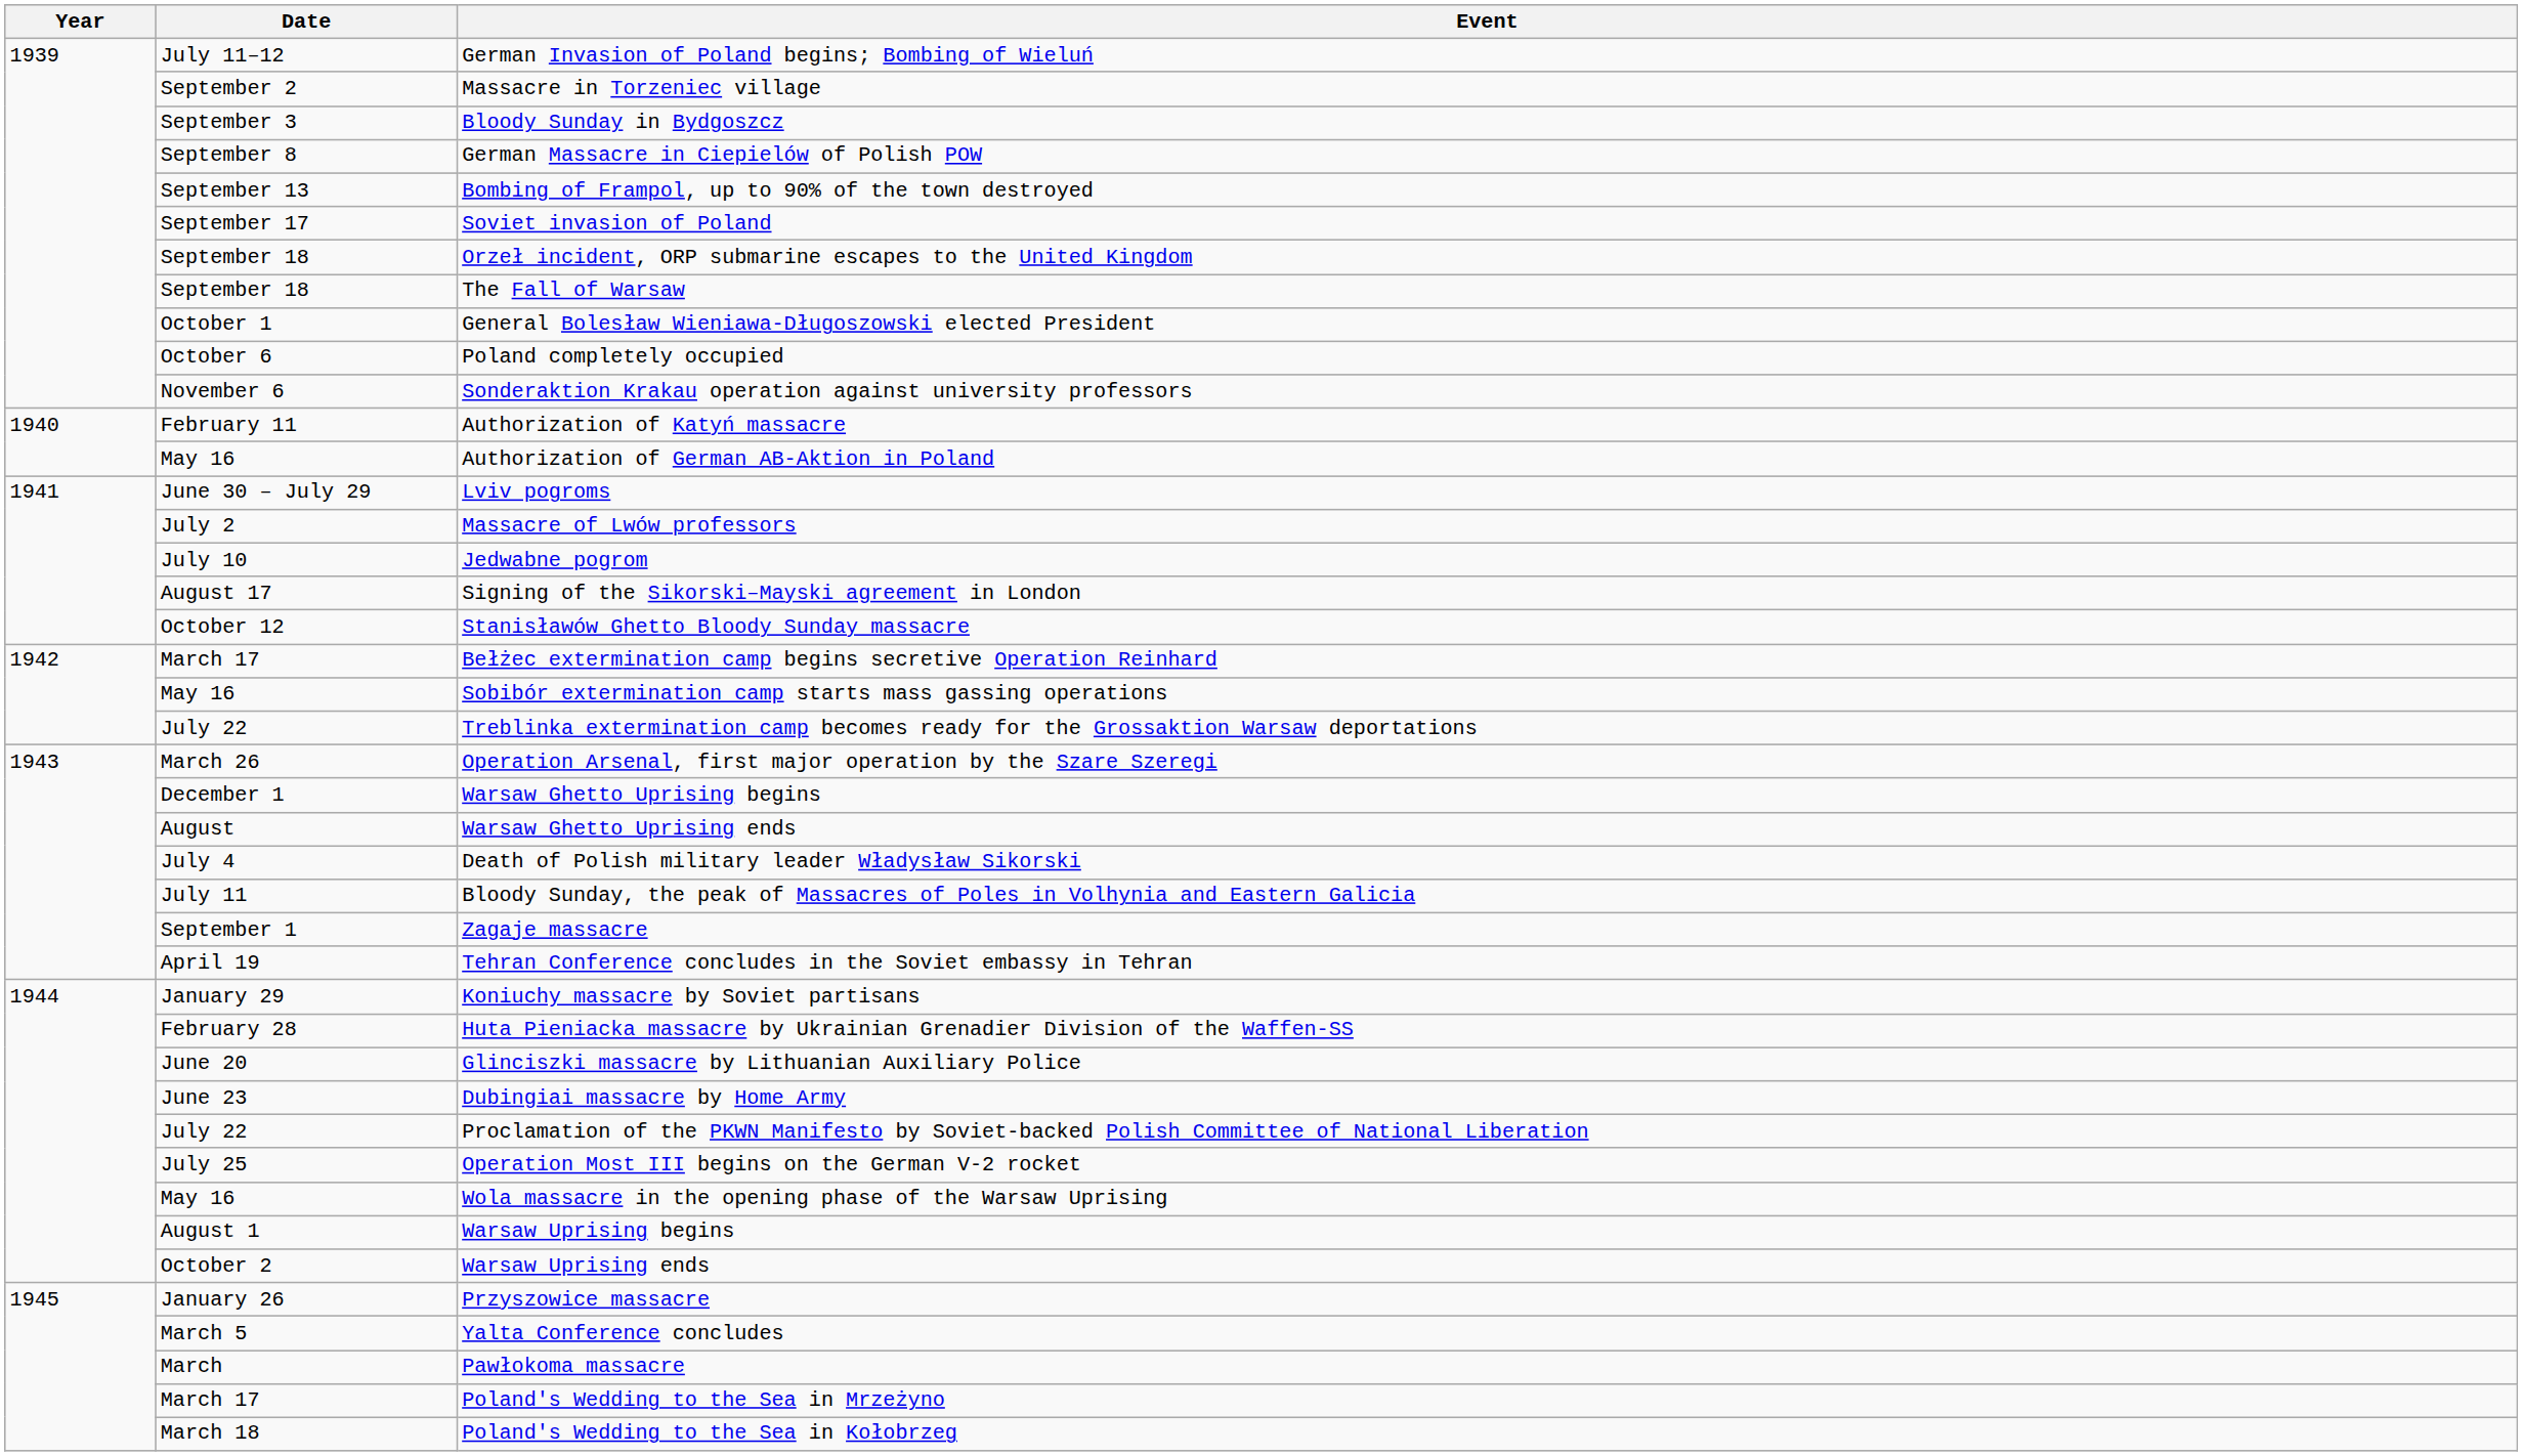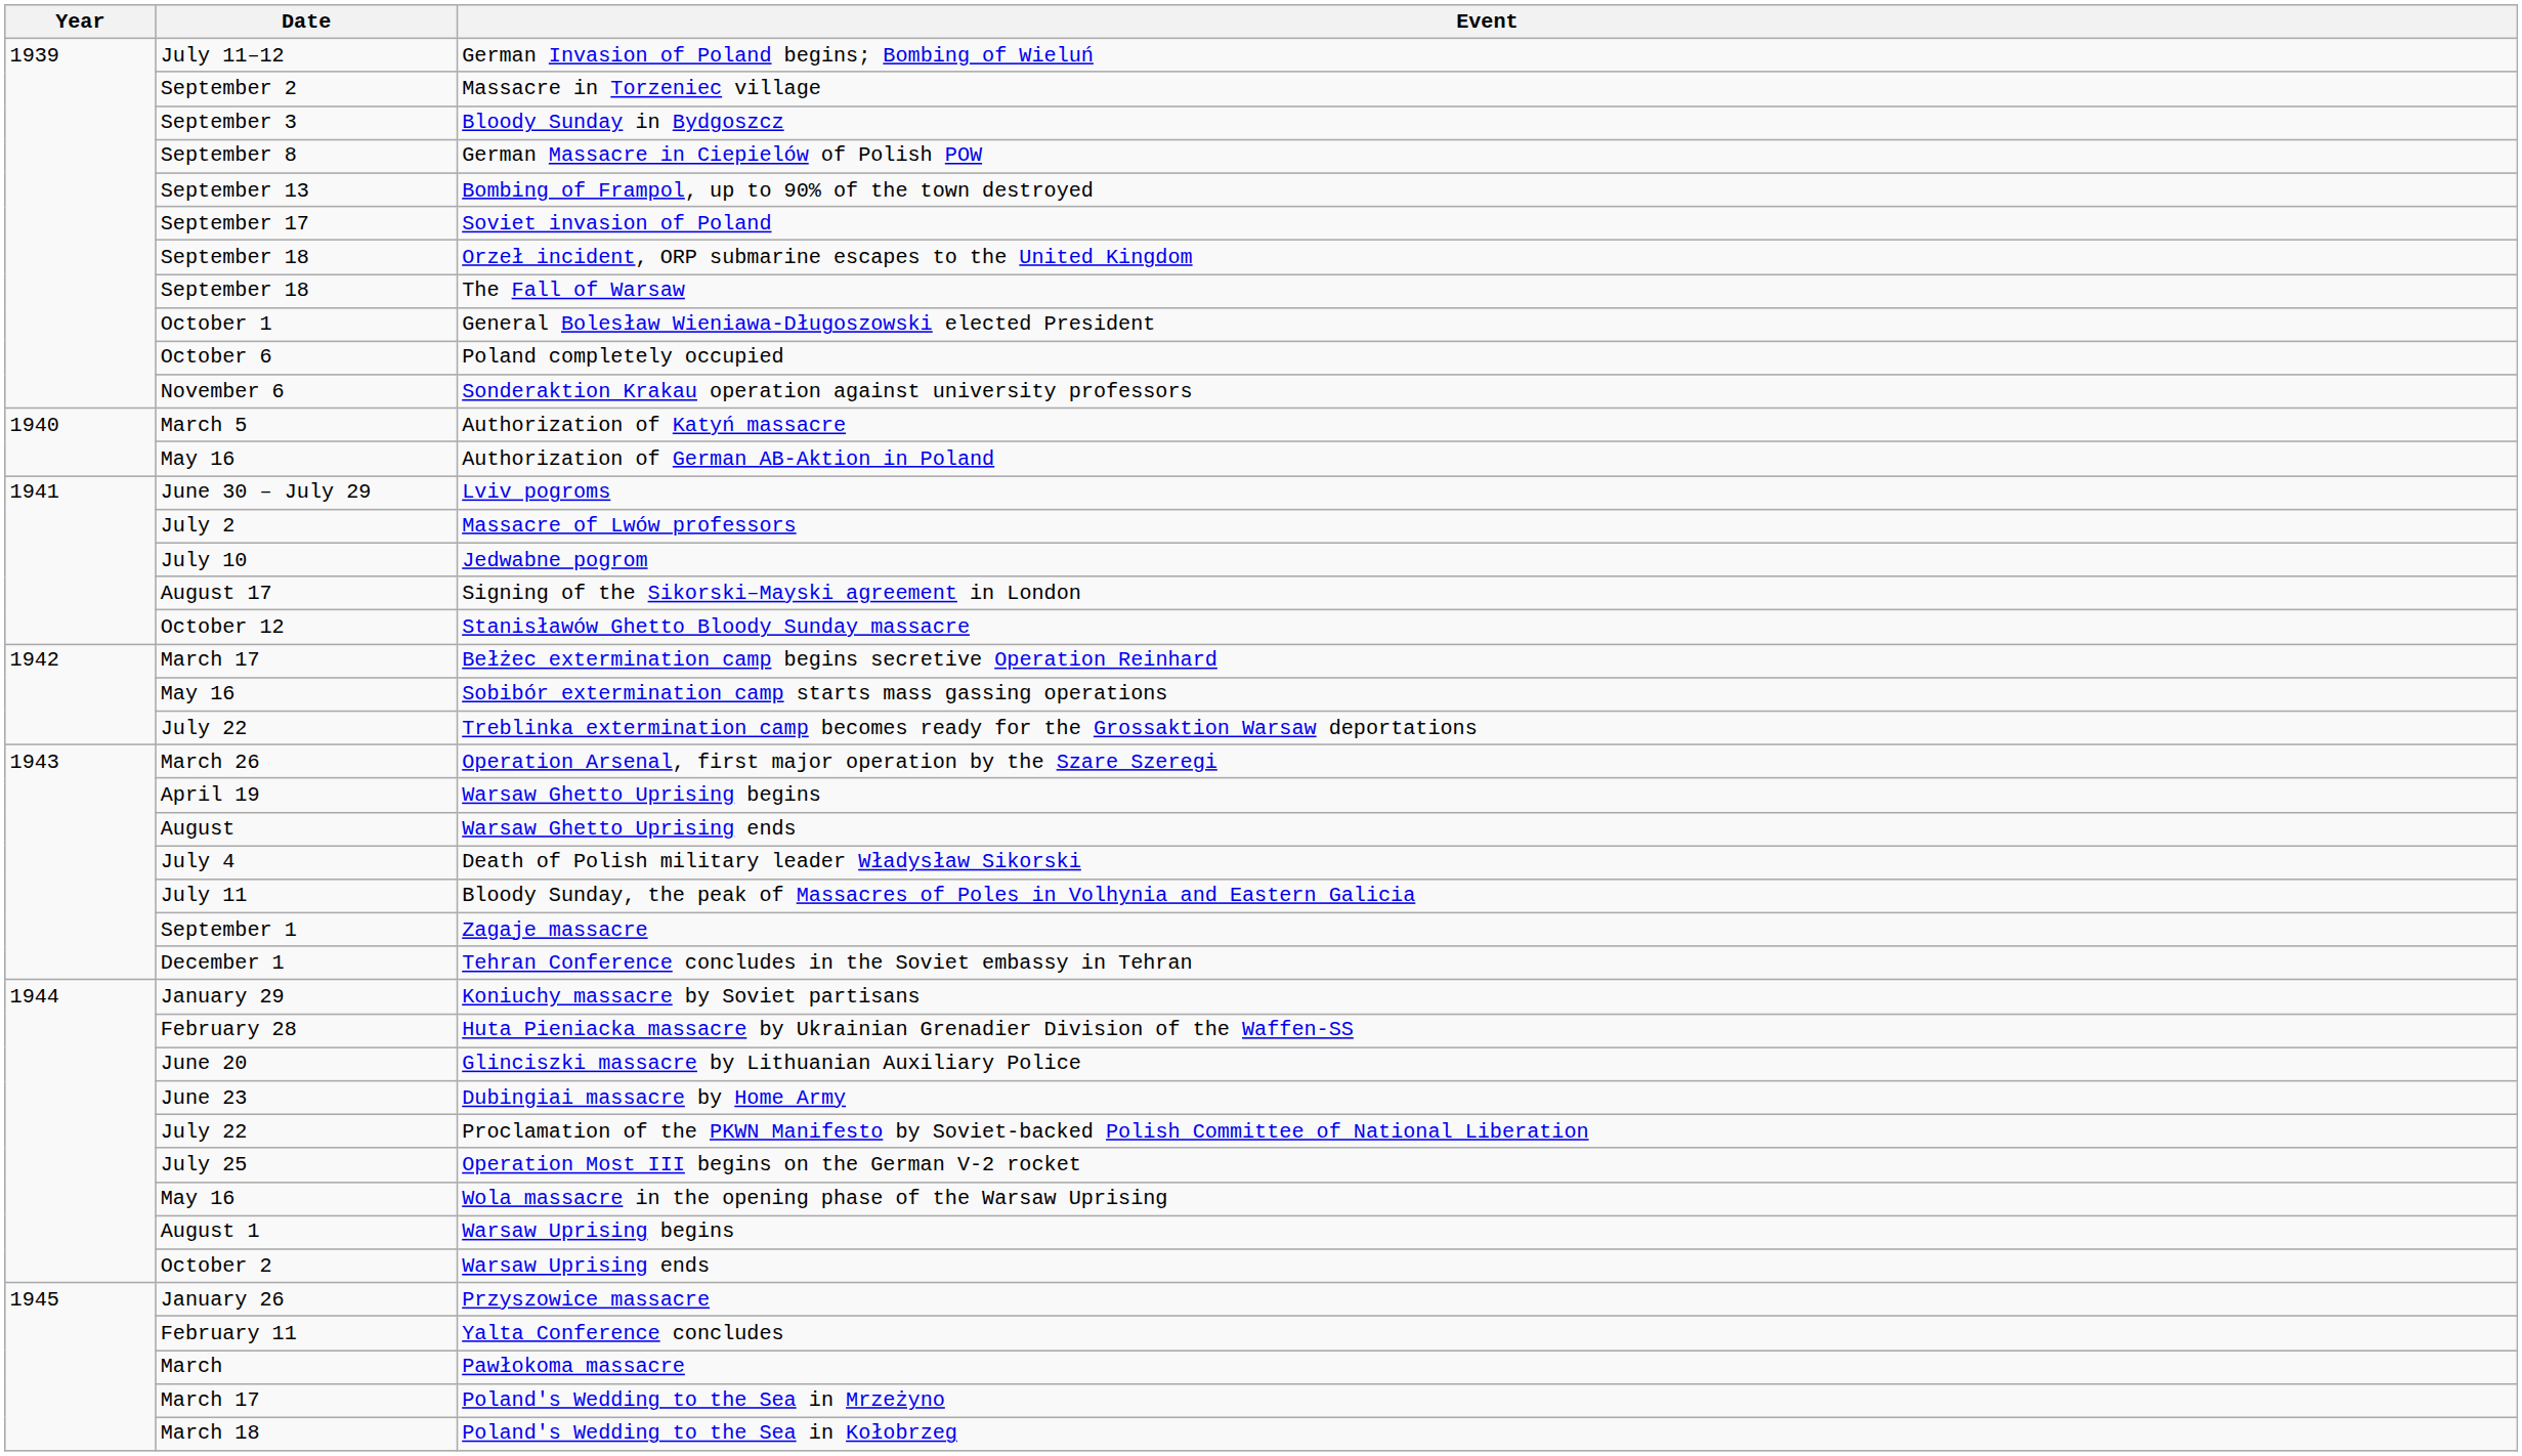 <table class="wikitable" width="100%">
 <tr>
 <th style="width:6%">Year</th>
 <th style="width:12%">Date</th>
 <th>Event</th>
 </tr>
 <tr>
 <td rowspan="11" valign="top">1939</td>
 <td>July 11–12</td>
 <td>German <a href='#'>Invasion of Poland</a> begins; <a href='#'>Bombing of Wieluń</a></td>
 </tr>
 <tr>
 <td>September 2</td>
 <td>Massacre in <a href='#'>Torzeniec</a> village</td>
 </tr>
 <tr>
 <td>September 3</td>
 <td><a href='#'>Bloody Sunday</a> in <a href='#'>Bydgoszcz</a></td>
 </tr>
 <tr>
 <td>September 8</td>
 <td>German <a href='#'>Massacre in Ciepielów</a> of Polish <a href='#'>POW</a></td>
 </tr>
 <tr>
 <td>September 13</td>
 <td><a href='#'>Bombing of Frampol</a>, up to 90% of the town destroyed</td>
 </tr>
 <tr>
 <td>September 17</td>
 <td><a href='#'>Soviet invasion of Poland</a></td>
 </tr>
 <tr>
 <td>September 18</td>
 <td><a href='#'>Orzeł incident</a>, ORP submarine escapes to the <a href='#'>United Kingdom</a></td>
 </tr>
 <tr>
 <td>September 18</td>
 <td>The <a href='#'>Fall of Warsaw</a></td>
 </tr>
 <tr>
 <td>October 1</td>
 <td>General <a href='#'>Bolesław Wieniawa-Długoszowski</a> elected President</td>
 </tr>
 <tr>
 <td>October 6</td>
 <td>Poland completely occupied</td>
 </tr>
 <tr>
 <td>November 6</td>
 <td><a href='#'>Sonderaktion Krakau</a> operation against university professors</td>
 </tr>
 <tr>
 <td rowspan="2" valign="top">1940</td>
-<td>February 11</td>
+<td>March 5</td>
 <td>Authorization of <a href='#'>Katyń massacre</a></td>
 </tr>
 <tr>
 <td>May 16</td>
 <td>Authorization of <a href='#'>German AB-Aktion in Poland</a></td>
 </tr>
 <tr>
 <td rowspan="5" valign="top">1941</td>
 <td>June 30 – July 29</td>
 <td><a href='#'>Lviv pogroms</a></td>
 </tr>
 <tr>
 <td>July 2</td>
 <td><a href='#'>Massacre of Lwów professors</a></td>
 </tr>
 <tr>
 <td>July 10</td>
 <td><a href='#'>Jedwabne pogrom</a></td>
 </tr>
 <tr>
 <td>August 17</td>
 <td>Signing of the <a href='#'>Sikorski–Mayski agreement</a> in London</td>
 </tr>
 <tr>
 <td>October 12</td>
 <td><a href='#'>Stanisławów Ghetto Bloody Sunday massacre</a></td>
 </tr>
 <tr>
 <td rowspan="3" valign="top">1942</td>
 <td>March 17</td>
 <td><a href='#'>Bełżec extermination camp</a> begins secretive <a href='#'>Operation Reinhard</a></td>
 </tr>
 <tr>
 <td>May 16</td>
 <td><a href='#'>Sobibór extermination camp</a> starts mass gassing operations</td>
 </tr>
 <tr>
 <td>July 22</td>
 <td><a href='#'>Treblinka extermination camp</a> becomes ready for the <a href='#'>Grossaktion Warsaw</a> deportations</td>
 </tr>
 <tr>
 <td rowspan="7" valign="top">1943</td>
 <td>March 26</td>
 <td><a href='#'>Operation Arsenal</a>, first major operation by the <a href='#'>Szare Szeregi</a></td>
 </tr>
 <tr>
-<td>December 1</td>
+<td>April 19</td>
 <td><a href='#'>Warsaw Ghetto Uprising</a> begins</td>
 </tr>
 <tr>
 <td>August</td>
 <td><a href='#'>Warsaw Ghetto Uprising</a> ends</td>
 </tr>
 <tr>
 <td>July 4</td>
 <td>Death of Polish military leader <a href='#'>Władysław Sikorski</a></td>
 </tr>
 <tr>
 <td>July 11</td>
 <td>Bloody Sunday, the peak of <a href='#'>Massacres of Poles in Volhynia and Eastern Galicia</a></td>
 </tr>
 <tr>
 <td>September 1</td>
 <td><a href='#'>Zagaje massacre</a></td>
 </tr>
 <tr>
-<td>April 19</td>
+<td>December 1</td>
 <td><a href='#'>Tehran Conference</a> concludes in the Soviet embassy in Tehran</td>
 </tr>
 <tr>
 <td rowspan="9" valign="top">1944</td>
 <td>January 29</td>
 <td><a href='#'>Koniuchy massacre</a> by Soviet partisans</td>
 </tr>
 <tr>
 <td>February 28</td>
 <td><a href='#'>Huta Pieniacka massacre</a> by Ukrainian Grenadier Division of the <a href='#'>Waffen-SS</a></td>
 </tr>
 <tr>
 <td>June 20</td>
 <td><a href='#'>Glinciszki massacre</a> by Lithuanian Auxiliary Police</td>
 </tr>
 <tr>
 <td>June 23</td>
 <td><a href='#'>Dubingiai massacre</a> by <a href='#'>Home Army</a></td>
 </tr>
 <tr>
 <td>July 22</td>
 <td>Proclamation of the <a href='#'>PKWN Manifesto</a> by Soviet-backed <a href='#'>Polish Committee of National Liberation</a></td>
 </tr>
 <tr>
 <td>July 25</td>
 <td><a href='#'>Operation Most III</a> begins  on the German V-2 rocket</td>
 </tr>
 <tr>
 <td>May 16</td>
 <td><a href='#'>Wola massacre</a> in the opening phase of the Warsaw Uprising</td>
 </tr>
 <tr>
 <td>August 1</td>
 <td><a href='#'>Warsaw Uprising</a> begins</td>
 </tr>
 <tr>
 <td>October 2</td>
 <td><a href='#'>Warsaw Uprising</a> ends</td>
 </tr>
 <tr>
 <td rowspan="5" valign="top">1945</td>
 <td>January 26</td>
 <td><a href='#'>Przyszowice massacre</a></td>
 </tr>
 <tr>
-<td>March 5</td>
+<td>February 11</td>
 <td><a href='#'>Yalta Conference</a> concludes</td>
 </tr>
 <tr>
 <td>March</td>
 <td><a href='#'>Pawłokoma massacre</a></td>
 </tr>
 <tr>
 <td>March 17</td>
 <td><a href='#'>Poland's Wedding to the Sea</a> in <a href='#'>Mrzeżyno</a></td>
 </tr>
 <tr>
 <td>March 18</td>
 <td><a href='#'>Poland's Wedding to the Sea</a> in <a href='#'>Kołobrzeg</a></td>
 </tr>
 </table>
